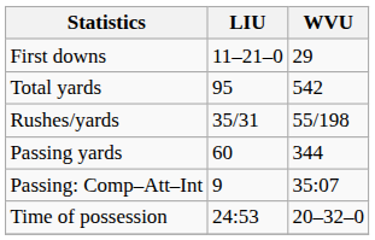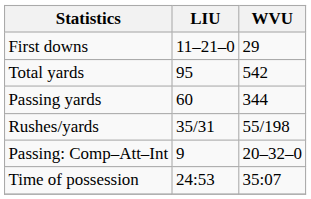 <table class="wikitable" style="float: left;">
 <tr>
 <th>Statistics</th>
 <th>LIU</th>
 <th>WVU</th>
 </tr>
 <tr>
 <td>First downs</td>
 <td>11–21–0</td>
 <td>29</td>
 </tr>
 <tr>
 <td>Total yards</td>
 <td>95</td>
 <td>542</td>
 </tr>
 <tr>
+<td>Passing yards</td>
+<td>60</td>
+<td>344</td>
+</tr>
+<tr>
 <td>Rushes/yards</td>
 <td>35/31</td>
 <td>55/198</td>
 </tr>
 <tr>
-<td>Passing yards</td>
-<td>60</td>
-<td>344</td>
-</tr>
-<tr>
 <td>Passing: Comp–Att–Int</td>
 <td>9</td>
-<td>35:07</td>
+<td>20–32–0</td>
 </tr>
 <tr>
 <td>Time of possession</td>
 <td>24:53</td>
-<td>20–32–0</td>
+<td>35:07</td>
 </tr>
 <tr>
 </tr>
 </table>
